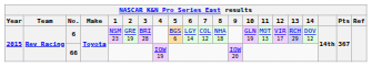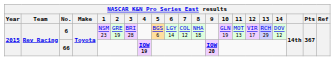 <table class="wikitable" style="text-align:center; font-size:75%">
 <tr>
 <th colspan=23><a href='#'>NASCAR K&N Pro Series East</a> results</th>
 </tr>
 <tr>
 <th>Year</th>
 <th>Team</th>
 <th>No.</th>
 <th>Make</th>
 <th>1</th>
 <th>2</th>
 <th>3</th>
 <th>4</th>
 <th>5</th>
 <th>6</th>
 <th>7</th>
 <th>8</th>
 <th>9</th>
 <th>10</th>
 <th>11</th>
 <th>12</th>
 <th>13</th>
 <th>14</th>
 <th></th>
 <th>Pts</th>
 <th>Ref</th>
 </tr>
 <tr>
 <th rowspan=2><a href='#'>2015</a></th>
 <th rowspan=2><a href='#'>Rev Racing</a></th>
 <th>6</th>
 <th rowspan=2><a href='#'>Toyota</a></th>
 <td style="background:#EFCFFF;"><a href='#'>NSM</a><br><small>23</small></td>
 <td style="background:#DFFFDF;"><a href='#'>GRE</a><br><small>19</small></td>
 <td style="background:#EFCFFF;"><a href='#'>BRI</a><br><small>28</small></td>
 <td></td>
 <td style="background:#FFDF9F;"><a href='#'>BGS</a><br><small>6</small></td>
 <td style="background:#DFFFDF;"><a href='#'>LGY</a><br><small>14</small></td>
 <td style="background:#DFFFDF;"><a href='#'>COL</a><br><small>12</small></td>
 <td style="background:#DFFFDF;"><a href='#'>NHA</a><br><small>18</small></td>
 <td></td>
 <td style="background:#EFCFFF;"><a href='#'>GLN</a><br><small>19</small></td>
 <td style="background:#DFFFDF;"><a href='#'>MOT</a><br><small>13</small></td>
 <td style="background:#EFCFFF;"><a href='#'>VIR</a><br><small>17</small></td>
 <td style="background:#CFCFFF;"><a href='#'>RCH</a><br><small>29</small></td>
 <td style="background:#DFFFDF;"><a href='#'>DOV</a><br><small>12</small></td>
 <th rowspan=2>14th</th>
 <th rowspan=2>367</th>
 <th rowspan=2></th>
 </tr>
 <tr>
 <th>66</th>
 <td colspan=3></td>
-<td style="background:#EFCFFF;"><a href='#'>IOW</a><br><small>19</small></td>
+<td style="background:#EFCFFF;"><strong><a href='#'>IOW</a><br><small>19</small></strong></td>
 <td colspan=4></td>
-<td style="background:#EFCFFF;"><a href='#'>IOW</a><br><small>20</small></td>
+<td style="background:#EFCFFF;"><strong><a href='#'>IOW</a><br><small>20</small></strong></td>
 <td colspan=5></td>
 </tr>
 </table>
